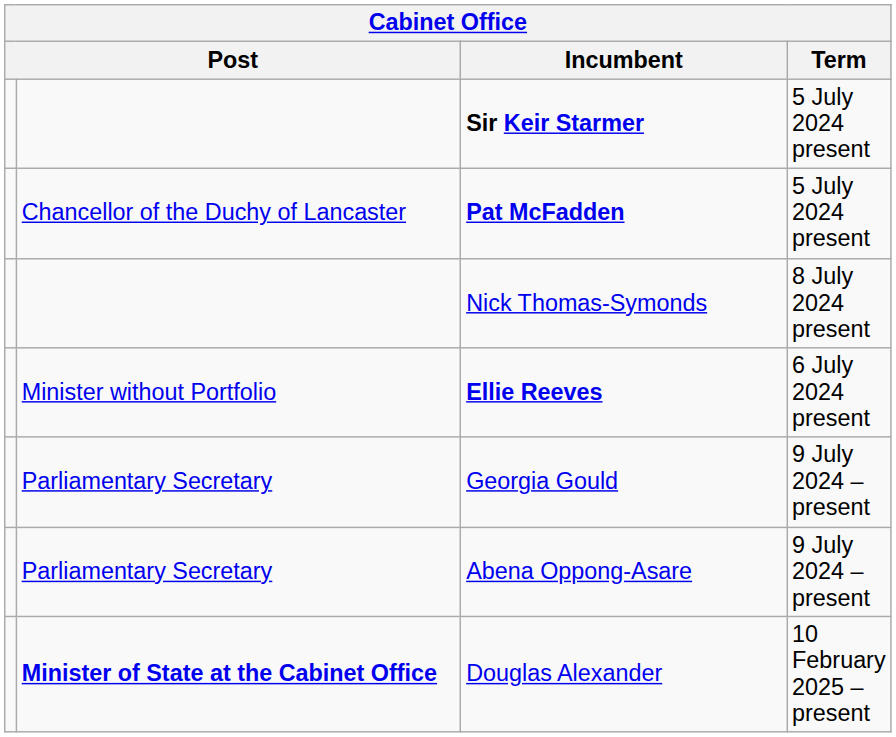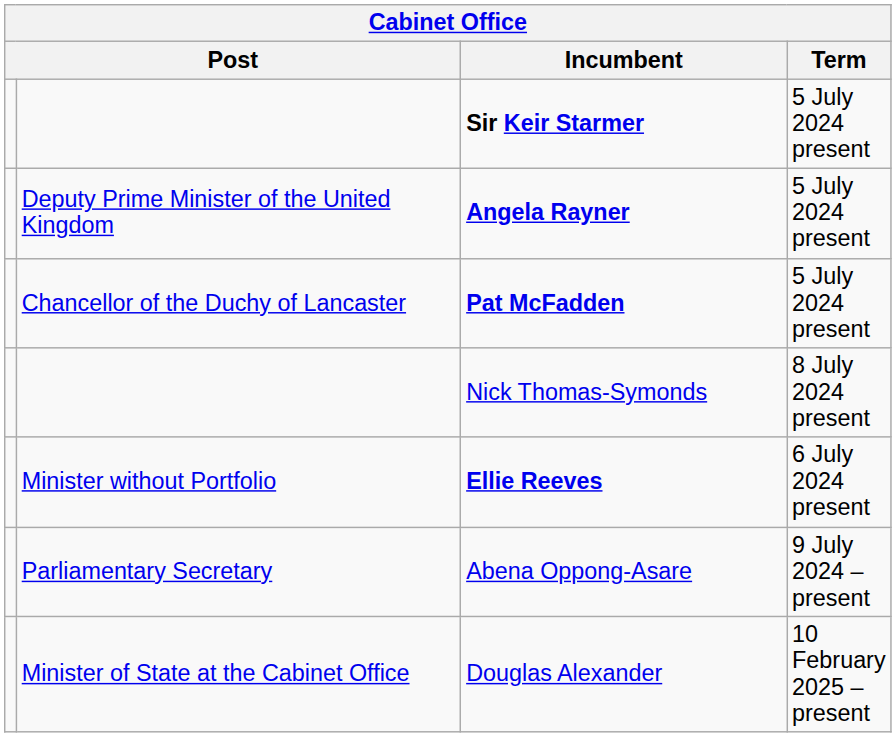 <table class="wikitable">
 <tr>
 <th colspan="4"><a href='#'>Cabinet Office</a></th>
 </tr>
 <tr>
 <th colspan="2">Post</th>
 <th>Incumbent</th>
 <th>Term</th>
 </tr>
 <tr>
 <td style="width: 1px; background: "></td>
 <td style="width: 450px;"></td>
 <td style="width: 320px;"><strong>Sir <a href='#'>Keir Starmer</a></strong></td>
+<td>5 July 2024 present</td>
+</tr>
+<tr>
+<td style="width: 1px; background: "></td>
+<td style="width: 450px;"><a href='#'>Deputy Prime Minister of the United Kingdom</a><br></td>
+<td style="width: 320px;"><strong><a href='#'>Angela Rayner</a></strong></td>
 <td>5 July 2024 present</td>
 </tr>
 <tr>
 <td style="width: 1px; background: "></td>
 <td style="width: 450px;"><a href='#'>Chancellor of the Duchy of Lancaster</a><br></td>
 <td style="width: 320px;"><strong><a href='#'>Pat McFadden</a></strong></td>
 <td>5 July 2024 present</td>
 </tr>
 <tr>
 <td style="width: 1px; background: "></td>
 <td style="width: 450px;"></td>
 <td style="width: 320px;"><a href='#'>Nick Thomas-Symonds</a></td>
 <td>8 July 2024 present</td>
 </tr>
 <tr>
 <td rowspan=1 style="width: 1px; background: "></td>
 <td rowspan=1 style="width: 450px;"><a href='#'>Minister without Portfolio</a><br></td>
 <td style="width: 320px;"><strong><a href='#'>Ellie Reeves</a></strong>  </td>
 <td>6 July 2024 present</td>
 </tr>
 <tr>
 <td style="width: 1px; background: "></td>
 <td rowspan="1" style="width: 450px;"><a href='#'>Parliamentary Secretary</a></td>
-<td style="width: 320px;"><a href='#'>Georgia Gould</a></td>
-<td>9 July 2024 – present</td>
-</tr>
-<tr>
-<td style="width: 1px; background: "></td>
-<td rowspan="1" style="width: 450px;"><a href='#'>Parliamentary Secretary</a></td>
 <td style="width: 320px;"><a href='#'>Abena Oppong-Asare</a></td>
 <td>9 July 2024 – present</td>
 </tr>
 <tr>
 <td style="width: 1px; background: "></td>
-<td rowspan="1" style="width: 450px;"><strong><a href='#'>Minister of State at the Cabinet Office</a></strong></td>
+<td rowspan="1" style="width: 450px;"><a href='#'>Minister of State at the Cabinet Office</a></td>
 <td style="width: 320px;"><a href='#'>Douglas Alexander</a></td>
 <td>10 February 2025 – present</td>
 </tr>
 </table>
